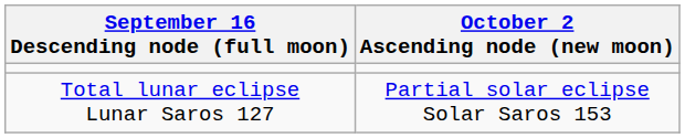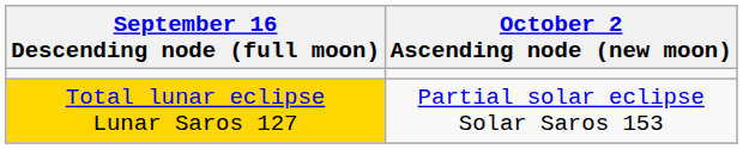 <table class="wikitable">
 <tr>
 <th><a href='#'>September 16</a><br>Descending node (full moon)<br></th>
 <th><a href='#'>October 2</a><br>Ascending node (new moon)<br></th>
 </tr>
 <tr>
 <td></td>
 <td></td>
 </tr>
 <tr align=center>
-<td><a href='#'>Total lunar eclipse</a><br>Lunar Saros 127</td>
+<td style="background: gold;"><a href='#'>Total lunar eclipse</a><br>Lunar Saros 127</td>
 <td><a href='#'>Partial solar eclipse</a><br>Solar Saros 153</td>
 </tr>
 </table>
